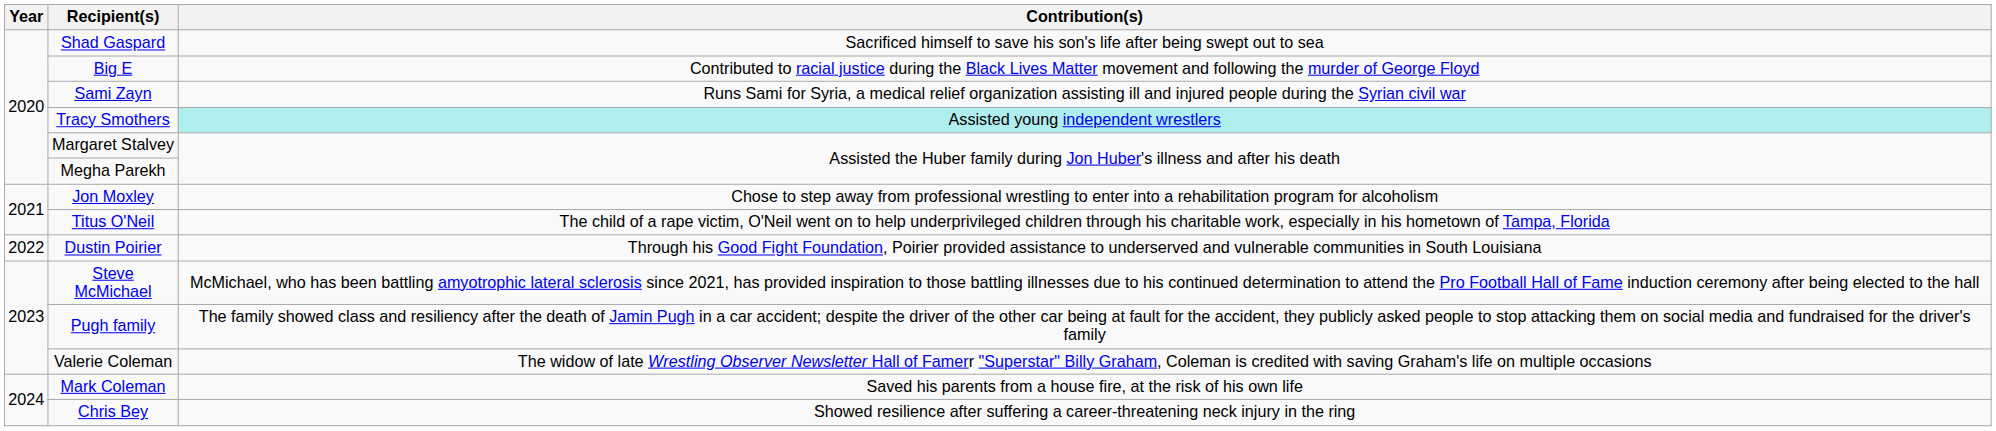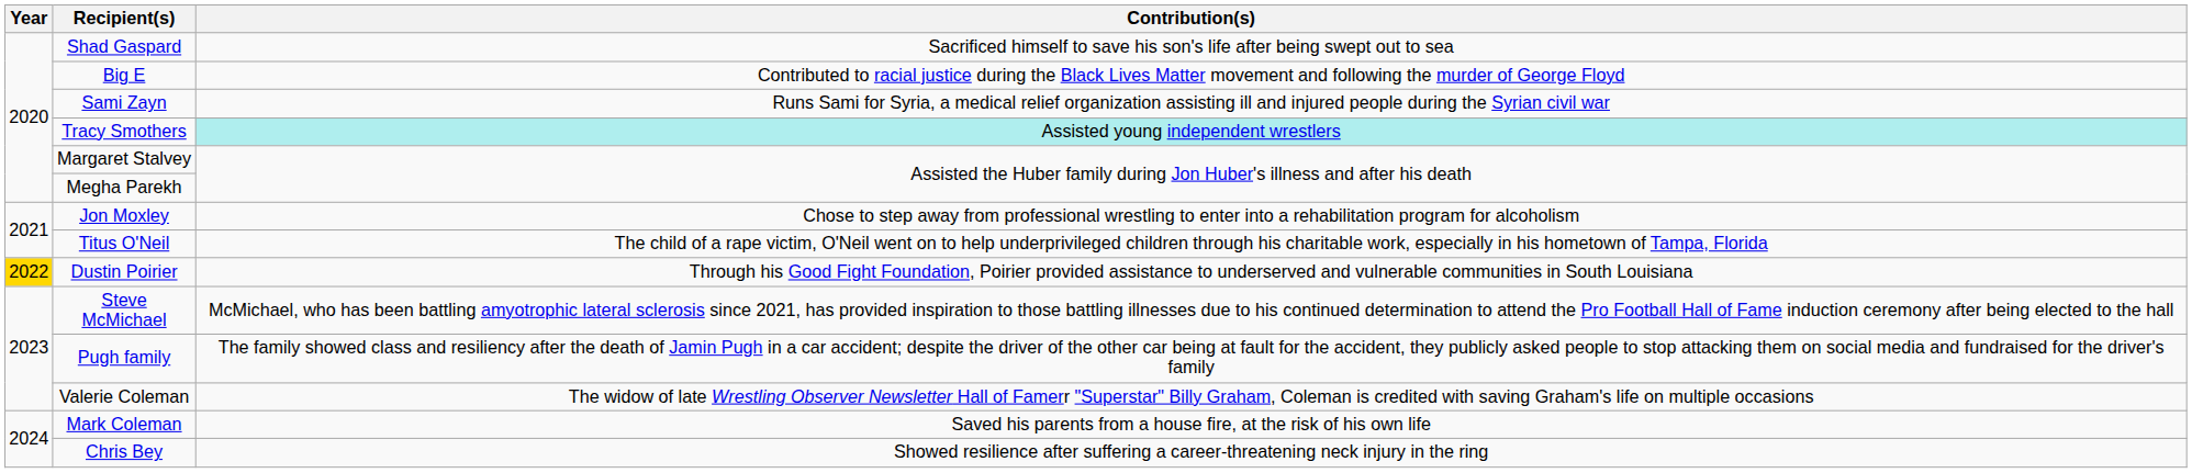 <table class="wikitable sortable" style="text-align: center">
 <tr>
 <th>Year</th>
 <th>Recipient(s)</th>
 <th>Contribution(s)</th>
 </tr>
 <tr>
 <td rowspan=6>2020</td>
 <td><a href='#'>Shad Gaspard</a></td>
 <td>Sacrificed himself to save his son's life after being swept out to sea</td>
 </tr>
 <tr>
 <td><a href='#'>Big E</a></td>
 <td>Contributed to <a href='#'>racial justice</a> during the <a href='#'>Black Lives Matter</a> movement and following the <a href='#'>murder of George Floyd</a></td>
 </tr>
 <tr>
 <td><a href='#'>Sami Zayn</a></td>
 <td>Runs Sami for Syria, a medical relief organization assisting ill and injured people during the <a href='#'>Syrian civil war</a></td>
 </tr>
 <tr>
 <td><a href='#'>Tracy Smothers</a></td>
 <td style="background: paleturquoise;">Assisted young <a href='#'>independent wrestlers</a></td>
 </tr>
 <tr>
 <td>Margaret Stalvey</td>
 <td rowspan=2>Assisted the Huber family during <a href='#'>Jon Huber</a>'s illness and after his death</td>
 </tr>
 <tr>
 <td>Megha Parekh</td>
 </tr>
 <tr>
 <td rowspan=2>2021</td>
 <td><a href='#'>Jon Moxley</a></td>
 <td>Chose to step away from professional wrestling to enter into a rehabilitation program for alcoholism</td>
 </tr>
 <tr>
 <td><a href='#'>Titus O'Neil</a></td>
 <td>The child of a rape victim, O'Neil went on to help underprivileged children through his charitable work, especially in his hometown of <a href='#'>Tampa, Florida</a></td>
 </tr>
 <tr>
-<td>2022</td>
+<td style="background: gold;">2022</td>
 <td><a href='#'>Dustin Poirier</a></td>
 <td>Through his <a href='#'>Good Fight Foundation</a>,  Poirier provided assistance to underserved and vulnerable communities in South Louisiana</td>
 </tr>
 <tr>
 <td rowspan=3>2023</td>
 <td><a href='#'>Steve McMichael</a></td>
 <td>McMichael, who has been battling <a href='#'>amyotrophic lateral sclerosis</a> since 2021, has provided inspiration to those battling illnesses due to his continued determination to attend the <a href='#'>Pro Football Hall of Fame</a> induction ceremony after being elected to the hall</td>
 </tr>
 <tr>
 <td><a href='#'>Pugh family</a></td>
 <td>The family showed class and resiliency after the death of <a href='#'>Jamin Pugh</a> in a car accident; despite the driver of the other car being at fault for the accident, they publicly asked people to stop attacking them on social media and fundraised for the driver's family</td>
 </tr>
 <tr>
 <td>Valerie Coleman</td>
 <td>The widow of late <a href='#'><em>Wrestling Observer Newsletter</em> Hall of Famer</a>r <a href='#'>"Superstar" Billy Graham</a>, Coleman is credited with saving Graham's life on multiple occasions</td>
 </tr>
 <tr>
 <td rowspan="2">2024</td>
 <td><a href='#'>Mark Coleman</a></td>
 <td>Saved his parents from a house fire, at the risk of his own life</td>
 </tr>
 <tr>
 <td><a href='#'>Chris Bey</a></td>
 <td>Showed resilience after suffering a career-threatening neck injury in the ring</td>
 </tr>
 </table>
